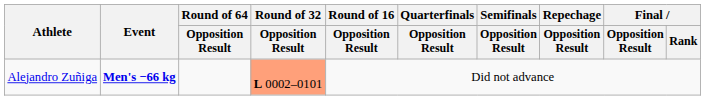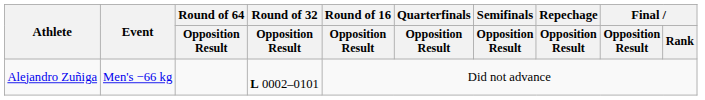 <table class="wikitable" style="font-size:90%">
 <tr>
 <th rowspan="2">Athlete</th>
 <th rowspan="2">Event</th>
 <th>Round of 64</th>
 <th>Round of 32</th>
 <th>Round of 16</th>
 <th>Quarterfinals</th>
 <th>Semifinals</th>
 <th>Repechage</th>
 <th colspan=2>Final / </th>
 </tr>
 <tr style="font-size:95%">
 <th>Opposition<br>Result</th>
 <th>Opposition<br>Result</th>
 <th>Opposition<br>Result</th>
 <th>Opposition<br>Result</th>
 <th>Opposition<br>Result</th>
 <th>Opposition<br>Result</th>
 <th>Opposition<br>Result</th>
 <th>Rank</th>
 </tr>
 <tr align=center>
 <td align=left><a href='#'>Alejandro Zuñiga</a></td>
-<td align=left><strong><a href='#'>Men's −66 kg</a></strong></td>
+<td align=left><a href='#'>Men's −66 kg</a></td>
 <td></td>
-<td style="background: lightsalmon;"><br><strong>L</strong> 0002–0101</td>
+<td><br><strong>L</strong> 0002–0101</td>
 <td colspan=6>Did not advance</td>
 </tr>
 </table>
